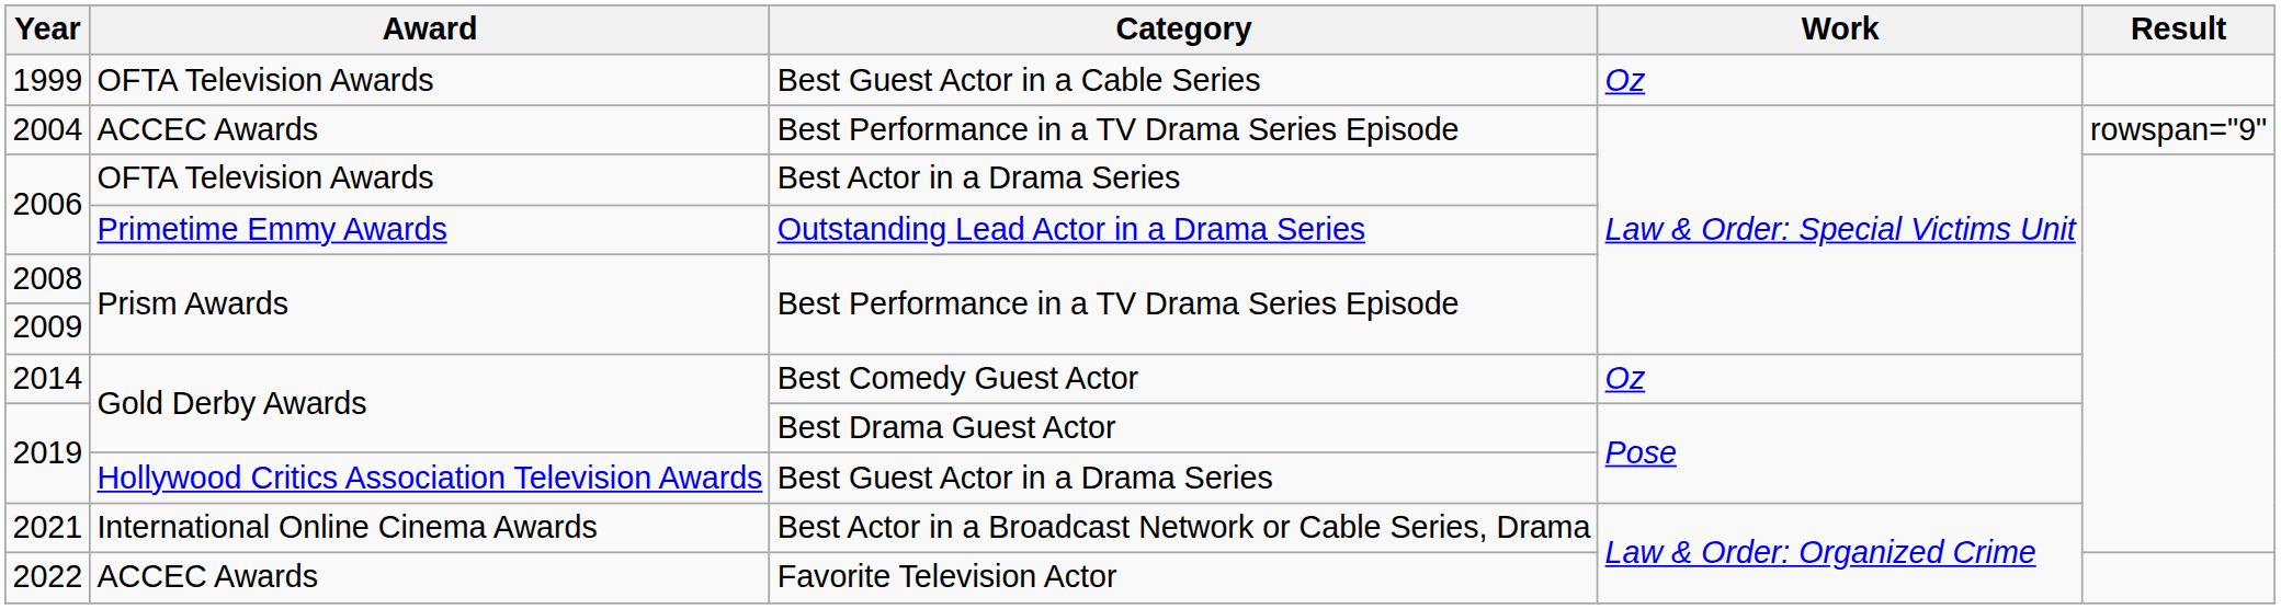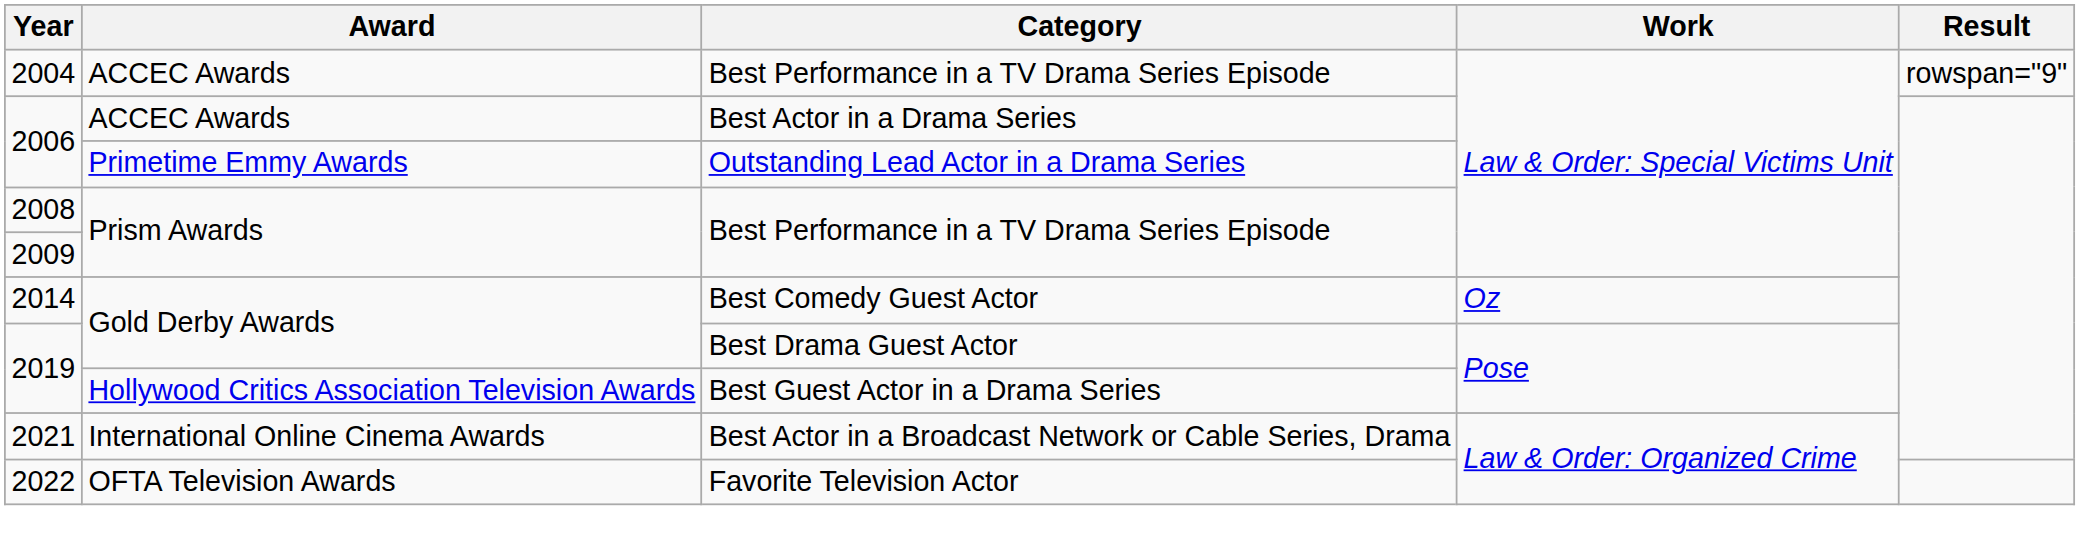 <table class="wikitable">
 <tr>
 <th>Year</th>
 <th>Award</th>
 <th>Category</th>
 <th>Work</th>
 <th>Result</th>
-</tr>
-<tr>
-<td>1999</td>
-<td>OFTA Television Awards</td>
-<td>Best Guest Actor in a Cable Series</td>
-<td><em><a href='#'>Oz</a></em></td>
-<td></td>
 </tr>
 <tr>
 <td>2004</td>
 <td>ACCEC Awards</td>
 <td>Best Performance in a TV Drama Series Episode</td>
 <td rowspan="5"><em><a href='#'>Law & Order: Special Victims Unit</a></em></td>
 <td>rowspan="9" </td>
 </tr>
 <tr>
 <td rowspan="2">2006</td>
-<td>OFTA Television Awards</td>
+<td>ACCEC Awards</td>
 <td>Best Actor in a Drama Series</td>
 </tr>
 <tr>
 <td><a href='#'>Primetime Emmy Awards</a></td>
 <td><a href='#'>Outstanding Lead Actor in a Drama Series</a></td>
 </tr>
 <tr>
 <td>2008</td>
 <td rowspan="2">Prism Awards</td>
 <td rowspan="2">Best Performance in a TV Drama Series Episode</td>
 </tr>
 <tr>
 <td>2009</td>
 </tr>
 <tr>
 <td>2014</td>
 <td rowspan="2">Gold Derby Awards</td>
 <td>Best Comedy Guest Actor</td>
 <td><em><a href='#'>Oz</a></em></td>
 </tr>
 <tr>
 <td rowspan="2">2019</td>
 <td>Best Drama Guest Actor</td>
 <td rowspan="2"><a href='#'><em>Pose</em></a></td>
 </tr>
 <tr>
 <td><a href='#'>Hollywood Critics Association Television Awards</a></td>
 <td>Best Guest Actor in a Drama Series</td>
 </tr>
 <tr>
 <td>2021</td>
 <td>International Online Cinema Awards</td>
 <td>Best Actor in a Broadcast Network or Cable Series, Drama</td>
 <td rowspan="2"><em><a href='#'>Law & Order: Organized Crime</a></em></td>
 </tr>
 <tr>
 <td>2022</td>
-<td>ACCEC Awards</td>
+<td>OFTA Television Awards</td>
 <td>Favorite Television Actor</td>
 <td></td>
 </tr>
 </table>
